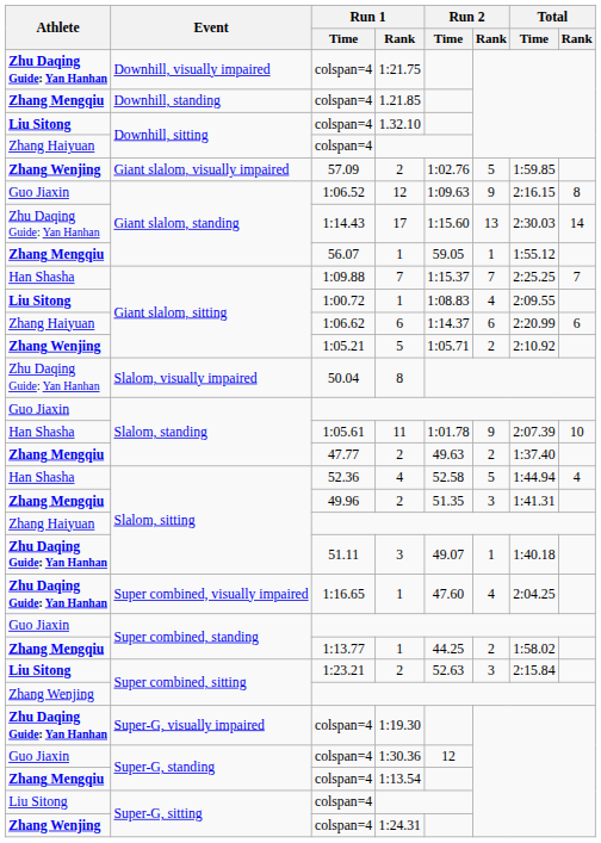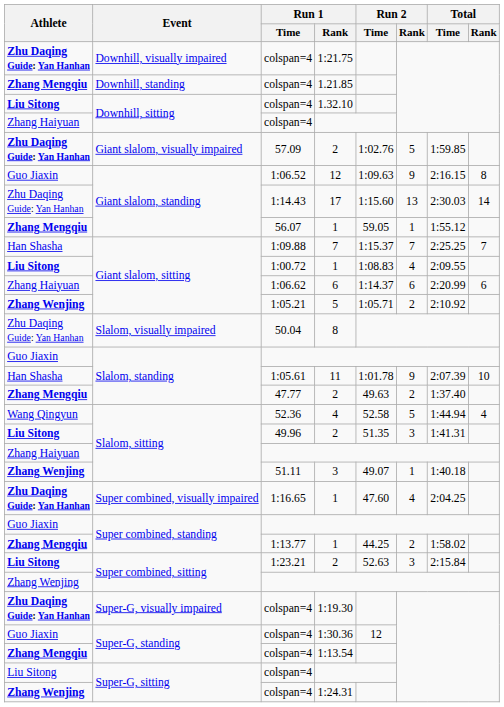 <table class="wikitable" style="font-size:90%">
 <tr>
 <th rowspan=2>Athlete</th>
 <th rowspan=2>Event</th>
 <th colspan=2>Run 1</th>
 <th colspan=2>Run 2</th>
 <th colspan=2>Total</th>
 </tr>
 <tr style="font-size:95%">
 <th>Time</th>
 <th>Rank</th>
 <th>Time</th>
 <th>Rank</th>
 <th>Time</th>
 <th>Rank</th>
 </tr>
 <tr align=center>
 <td align=left><strong><a href='#'>Zhu Daqing</a><br><small><a href='#'>Guide</a>: <a href='#'>Yan Hanhan</a></small></strong></td>
 <td align=left><a href='#'>Downhill, visually impaired</a></td>
 <td>colspan=4 </td>
 <td>1:21.75</td>
 <td></td>
 </tr>
 <tr align=center>
 <td align=left><strong><a href='#'>Zhang Mengqiu</a></strong></td>
 <td align=left><a href='#'>Downhill, standing</a></td>
 <td>colspan=4 </td>
 <td>1.21.85</td>
 <td></td>
 </tr>
 <tr align=center>
 <td align=left><strong><a href='#'>Liu Sitong</a></strong></td>
 <td align=left rowspan=2><a href='#'>Downhill, sitting</a></td>
 <td>colspan=4 </td>
 <td>1.32.10</td>
 <td></td>
 </tr>
 <tr align=center>
 <td align=left><a href='#'>Zhang Haiyuan</a></td>
 <td>colspan=4 </td>
 <td colspan=2></td>
 </tr>
 <tr align=center>
-<td align=left><strong><a href='#'>Zhang Wenjing</a></strong></td>
+<td align=left><strong><a href='#'>Zhu Daqing</a><br><small><a href='#'>Guide</a>: <a href='#'>Yan Hanhan</a></small></strong></td>
 <td align=left><a href='#'>Giant slalom, visually impaired</a></td>
 <td>57.09</td>
 <td>2</td>
 <td>1:02.76</td>
 <td>5</td>
 <td>1:59.85</td>
 <td></td>
 </tr>
 <tr align=center>
 <td align=left><a href='#'>Guo Jiaxin</a></td>
 <td align=left rowspan=3><a href='#'>Giant slalom, standing</a></td>
 <td>1:06.52</td>
 <td>12</td>
 <td>1:09.63</td>
 <td>9</td>
 <td>2:16.15</td>
 <td>8</td>
 </tr>
 <tr align=center>
 <td align=left><a href='#'>Zhu Daqing</a><br><small><a href='#'>Guide</a>: <a href='#'>Yan Hanhan</a></small></td>
 <td>1:14.43</td>
 <td>17</td>
 <td>1:15.60</td>
 <td>13</td>
 <td>2:30.03</td>
 <td>14</td>
 </tr>
 <tr align=center>
 <td align=left><strong><a href='#'>Zhang Mengqiu</a></strong></td>
 <td>56.07</td>
 <td>1</td>
 <td>59.05</td>
 <td>1</td>
 <td>1:55.12</td>
 <td></td>
 </tr>
 <tr align=center>
 <td align=left><a href='#'>Han Shasha</a></td>
 <td align=left rowspan=4><a href='#'>Giant slalom, sitting</a></td>
 <td>1:09.88</td>
 <td>7</td>
 <td>1:15.37</td>
 <td>7</td>
 <td>2:25.25</td>
 <td>7</td>
 </tr>
 <tr align=center>
 <td align=left><strong><a href='#'>Liu Sitong</a></strong></td>
 <td>1:00.72</td>
 <td>1</td>
 <td>1:08.83</td>
 <td>4</td>
 <td>2:09.55</td>
 <td></td>
 </tr>
 <tr align=center>
 <td align=left><a href='#'>Zhang Haiyuan</a></td>
 <td>1:06.62</td>
 <td>6</td>
 <td>1:14.37</td>
 <td>6</td>
 <td>2:20.99</td>
 <td>6</td>
 </tr>
 <tr align=center>
 <td align=left><strong><a href='#'>Zhang Wenjing</a></strong></td>
 <td>1:05.21</td>
 <td>5</td>
 <td>1:05.71</td>
 <td>2</td>
 <td>2:10.92</td>
 <td></td>
 </tr>
 <tr align=center>
 <td align=left><a href='#'>Zhu Daqing</a><br><small><a href='#'>Guide</a>: <a href='#'>Yan Hanhan</a></small></td>
 <td align=left><a href='#'>Slalom, visually impaired</a></td>
 <td>50.04</td>
 <td>8</td>
 <td colspan=4></td>
 </tr>
 <tr align=center>
 <td align=left><a href='#'>Guo Jiaxin</a></td>
 <td align=left rowspan=3><a href='#'>Slalom, standing</a></td>
 <td colspan=6></td>
 </tr>
 <tr align=center>
 <td align=left><a href='#'>Han Shasha</a></td>
 <td>1:05.61</td>
 <td>11</td>
 <td>1:01.78</td>
 <td>9</td>
 <td>2:07.39</td>
 <td>10</td>
 </tr>
 <tr align=center>
 <td align=left><strong><a href='#'>Zhang Mengqiu</a></strong></td>
 <td>47.77</td>
 <td>2</td>
 <td>49.63</td>
 <td>2</td>
 <td>1:37.40</td>
 <td></td>
 </tr>
 <tr align=center>
-<td align=left><a href='#'>Han Shasha</a></td>
+<td align=left><a href='#'>Wang Qingyun</a></td>
 <td align=left rowspan=4><a href='#'>Slalom, sitting</a></td>
 <td>52.36</td>
 <td>4</td>
 <td>52.58</td>
 <td>5</td>
 <td>1:44.94</td>
 <td>4</td>
 </tr>
 <tr align=center>
-<td align=left><strong><a href='#'>Zhang Mengqiu</a></strong></td>
+<td align=left><strong><a href='#'>Liu Sitong</a></strong></td>
 <td>49.96</td>
 <td>2</td>
 <td>51.35</td>
 <td>3</td>
 <td>1:41.31</td>
 <td></td>
 </tr>
 <tr align=center>
 <td align=left><a href='#'>Zhang Haiyuan</a></td>
 <td colspan=6></td>
 </tr>
 <tr align=center>
-<td align=left><strong><a href='#'>Zhu Daqing</a><br><small><a href='#'>Guide</a>: <a href='#'>Yan Hanhan</a></small></strong></td>
+<td align=left><strong><a href='#'>Zhang Wenjing</a></strong></td>
 <td>51.11</td>
 <td>3</td>
 <td>49.07</td>
 <td>1</td>
 <td>1:40.18</td>
 <td></td>
 </tr>
 <tr align=center>
 <td align=left><strong><a href='#'>Zhu Daqing</a><br><small><a href='#'>Guide</a>: <a href='#'>Yan Hanhan</a></small></strong></td>
 <td align=left><a href='#'>Super combined, visually impaired</a></td>
 <td>1:16.65</td>
 <td>1</td>
 <td>47.60</td>
 <td>4</td>
 <td>2:04.25</td>
 <td></td>
 </tr>
 <tr align=center>
 <td align=left><a href='#'>Guo Jiaxin</a></td>
 <td align=left rowspan=2><a href='#'>Super combined, standing</a></td>
 <td colspan=6></td>
 </tr>
 <tr align=center>
 <td align=left><strong><a href='#'>Zhang Mengqiu</a></strong></td>
 <td>1:13.77</td>
 <td>1</td>
 <td>44.25</td>
 <td>2</td>
 <td>1:58.02</td>
 <td></td>
 </tr>
 <tr align=center>
 <td align=left><strong><a href='#'>Liu Sitong</a></strong></td>
 <td align=left rowspan=2><a href='#'>Super combined, sitting</a></td>
 <td>1:23.21</td>
 <td>2</td>
 <td>52.63</td>
 <td>3</td>
 <td>2:15.84</td>
 <td></td>
 </tr>
 <tr align=center>
 <td align=left><a href='#'>Zhang Wenjing</a></td>
 <td colspan=6></td>
 </tr>
 <tr align=center>
 <td align=left><strong><a href='#'>Zhu Daqing</a><br><small><a href='#'>Guide</a>: <a href='#'>Yan Hanhan</a></small></strong></td>
 <td align=left><a href='#'>Super-G, visually impaired</a></td>
 <td>colspan=4 </td>
 <td>1:19.30</td>
 <td></td>
 </tr>
 <tr align=center>
 <td align=left><a href='#'>Guo Jiaxin</a></td>
 <td align=left rowspan=2><a href='#'>Super-G, standing</a></td>
 <td>colspan=4 </td>
 <td>1:30.36</td>
 <td>12</td>
 </tr>
 <tr align=center>
 <td align=left><strong><a href='#'>Zhang Mengqiu</a></strong></td>
 <td>colspan=4 </td>
 <td>1:13.54</td>
 <td></td>
 </tr>
 <tr align=center>
 <td align=left><a href='#'>Liu Sitong</a></td>
 <td align=left rowspan=2><a href='#'>Super-G, sitting</a></td>
 <td>colspan=4 </td>
 <td colspan=2></td>
 </tr>
 <tr align=center>
 <td align=left><strong><a href='#'>Zhang Wenjing</a></strong></td>
 <td>colspan=4 </td>
 <td>1:24.31</td>
 <td></td>
 </tr>
 </table>
